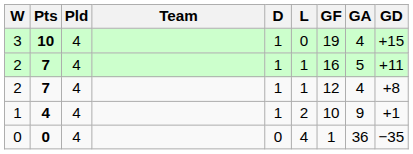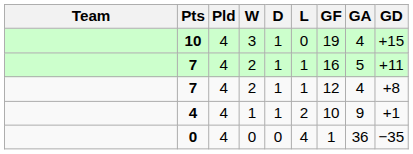 <table class=wikitable style="text-align:center">
 <tr>
-<th width=20>W</th>
+<th width=175>Team</th>
 <th width=20>Pts</th>
 <th width=20>Pld</th>
-<th width=175>Team</th>
+<th width=20>W</th>
 <th width=20>D</th>
 <th width=20>L</th>
 <th width=20>GF</th>
 <th width=20>GA</th>
 <th width=20>GD</th>
 </tr>
 <tr style="background:#ccffcc">
-<td>3</td>
+<td align=left></td>
 <td><strong>10</strong></td>
 <td>4</td>
-<td align=left></td>
+<td>3</td>
 <td>1</td>
 <td>0</td>
 <td>19</td>
 <td>4</td>
 <td>+15</td>
 </tr>
 <tr style="background:#ccffcc">
-<td>2</td>
+<td align=left></td>
 <td><strong>7</strong></td>
 <td>4</td>
-<td align=left></td>
+<td>2</td>
 <td>1</td>
 <td>1</td>
 <td>16</td>
 <td>5</td>
 <td>+11</td>
 </tr>
 <tr>
-<td>2</td>
+<td align=left></td>
 <td><strong>7</strong></td>
 <td>4</td>
-<td align=left></td>
+<td>2</td>
 <td>1</td>
 <td>1</td>
 <td>12</td>
 <td>4</td>
 <td>+8</td>
 </tr>
 <tr>
-<td>1</td>
+<td align=left></td>
 <td><strong>4</strong></td>
 <td>4</td>
-<td align=left></td>
+<td>1</td>
 <td>1</td>
 <td>2</td>
 <td>10</td>
 <td>9</td>
 <td>+1</td>
 </tr>
 <tr>
-<td>0</td>
+<td align=left></td>
 <td><strong>0</strong></td>
 <td>4</td>
-<td align=left></td>
+<td>0</td>
 <td>0</td>
 <td>4</td>
 <td>1</td>
 <td>36</td>
 <td>−35</td>
 </tr>
 </table>
